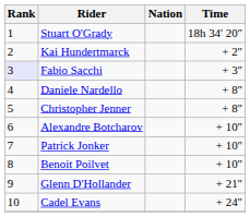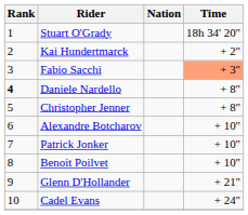 <table class="wikitable">
 <tr ---->
 <th>Rank</th>
 <th>Rider</th>
 <th>Nation</th>
 <th>Time</th>
 </tr>
 <tr>
 <td>1</td>
 <td><a href='#'>Stuart O'Grady</a></td>
 <td></td>
 <td align=right>18h 34' 20"</td>
 </tr>
 <tr>
 <td>2</td>
 <td><a href='#'>Kai Hundertmarck</a></td>
 <td></td>
 <td align=right>+ 2"</td>
 </tr>
 <tr>
-<td style="background: lavender;">3</td>
+<td>3</td>
 <td><a href='#'>Fabio Sacchi</a></td>
 <td></td>
-<td align=right>+ 3"</td>
+<td align=right style="background: lightsalmon;">+ 3"</td>
 </tr>
 <tr>
-<td>4</td>
+<td><strong>4</strong></td>
 <td><a href='#'>Daniele Nardello</a></td>
 <td></td>
 <td align=right>+ 8"</td>
 </tr>
 <tr>
 <td>5</td>
 <td><a href='#'>Christopher Jenner</a></td>
 <td></td>
 <td align=right>+ 8"</td>
 </tr>
 <tr>
 <td>6</td>
 <td><a href='#'>Alexandre Botcharov</a></td>
 <td></td>
 <td align=right>+ 10"</td>
 </tr>
 <tr>
 <td>7</td>
 <td><a href='#'>Patrick Jonker</a></td>
 <td></td>
 <td align=right>+ 10"</td>
 </tr>
 <tr>
 <td>8</td>
 <td><a href='#'>Benoit Poilvet</a></td>
 <td></td>
 <td align=right>+ 10"</td>
 </tr>
 <tr>
 <td>9</td>
 <td><a href='#'>Glenn D'Hollander</a></td>
 <td></td>
 <td align=right>+ 21"</td>
 </tr>
 <tr>
 <td>10</td>
 <td><a href='#'>Cadel Evans</a></td>
 <td></td>
 <td align=right>+ 24"</td>
 </tr>
 <tr>
 </tr>
 </table>
